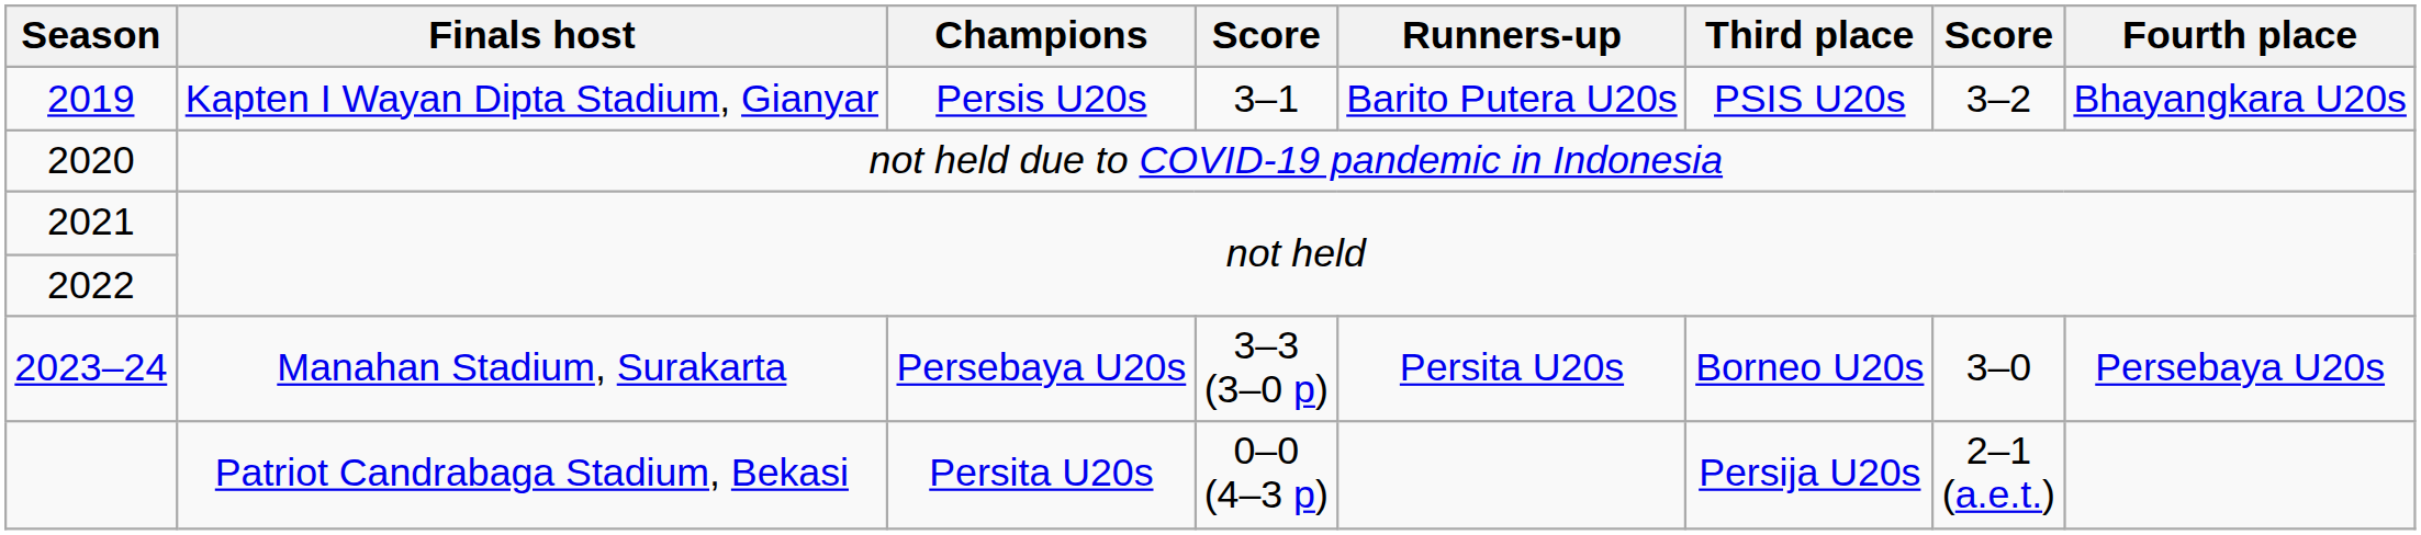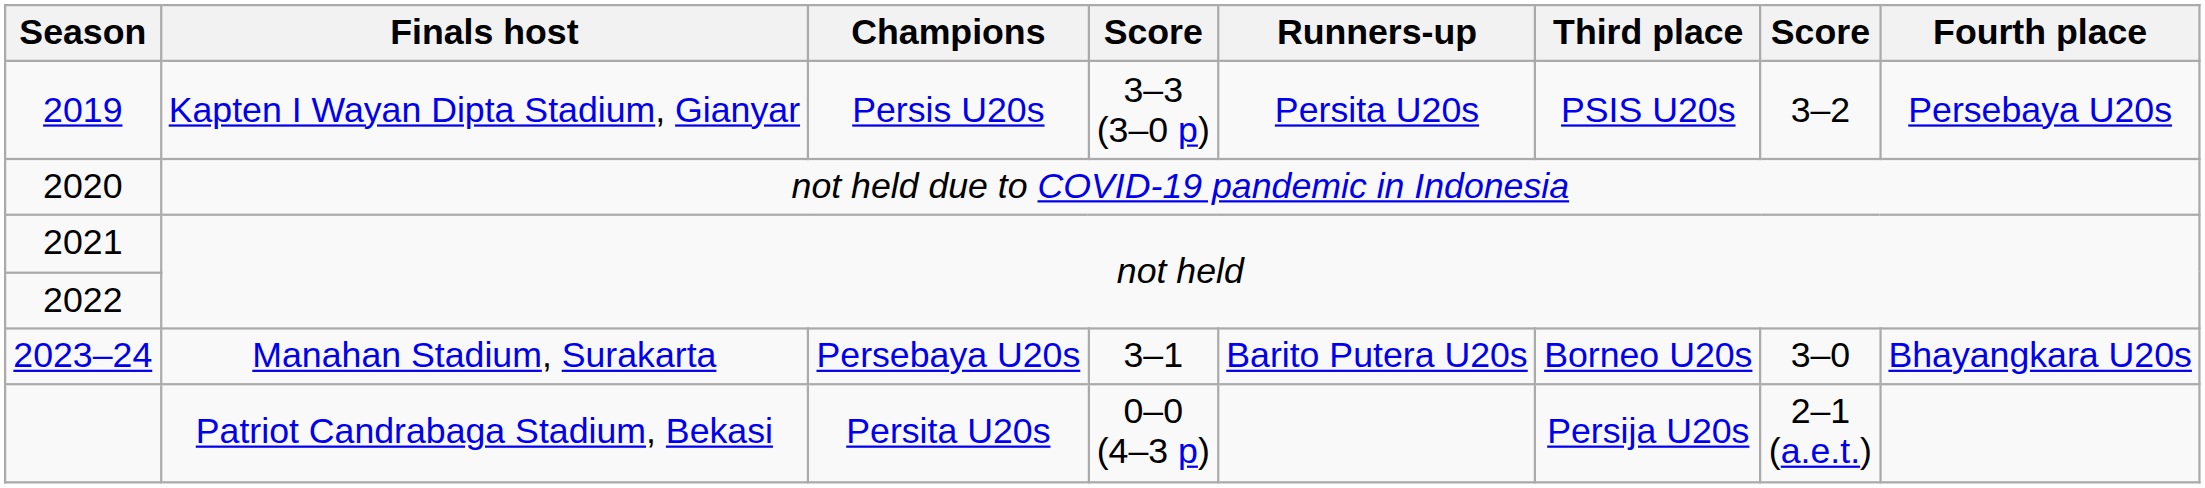 <table class="wikitable" style="text-align: center; white-space: nowrap;">
 <tr>
 <th>Season</th>
 <th>Finals host</th>
 <th width="15%">Champions</th>
 <th width="10%">Score</th>
 <th width="15%">Runners-up</th>
 <th width="15%">Third place</th>
 <th width="10%">Score</th>
 <th width="15%">Fourth place</th>
 </tr>
 <tr>
 <td><a href='#'>2019</a></td>
 <td><a href='#'>Kapten I Wayan Dipta Stadium</a>, <a href='#'>Gianyar</a></td>
 <td><a href='#'>Persis U20s</a></td>
-<td>3–1</td>
-<td><a href='#'>Barito Putera U20s</a></td>
+<td>3–3<br>(3–0 <a href='#'>p</a>)</td>
+<td><a href='#'>Persita U20s</a></td>
 <td><a href='#'>PSIS U20s</a></td>
 <td>3–2</td>
-<td><a href='#'>Bhayangkara U20s</a></td>
+<td><a href='#'>Persebaya U20s</a></td>
 </tr>
 <tr>
 <td>2020</td>
 <td colspan="7"><em>not held due to <a href='#'>COVID-19 pandemic in Indonesia</a></em></td>
 </tr>
 <tr>
 <td>2021</td>
 <td colspan="7" rowspan="2"><em>not held</em></td>
 </tr>
 <tr>
 <td>2022</td>
 </tr>
 <tr>
 <td><a href='#'>2023–24</a></td>
 <td><a href='#'>Manahan Stadium</a>, <a href='#'>Surakarta</a></td>
 <td><a href='#'>Persebaya U20s</a></td>
-<td>3–3<br>(3–0 <a href='#'>p</a>)</td>
-<td><a href='#'>Persita U20s</a></td>
+<td>3–1</td>
+<td><a href='#'>Barito Putera U20s</a></td>
 <td><a href='#'>Borneo U20s</a></td>
 <td>3–0</td>
-<td><a href='#'>Persebaya U20s</a></td>
+<td><a href='#'>Bhayangkara U20s</a></td>
 </tr>
 <tr>
 <td></td>
 <td><a href='#'>Patriot Candrabaga Stadium</a>, <a href='#'>Bekasi</a></td>
 <td><a href='#'>Persita U20s</a></td>
 <td>0–0<br>(4–3 <a href='#'>p</a>)</td>
 <td></td>
 <td><a href='#'>Persija U20s</a></td>
 <td>2–1<br>(<a href='#'>a.e.t.</a>)</td>
 <td></td>
 </tr>
 </table>
